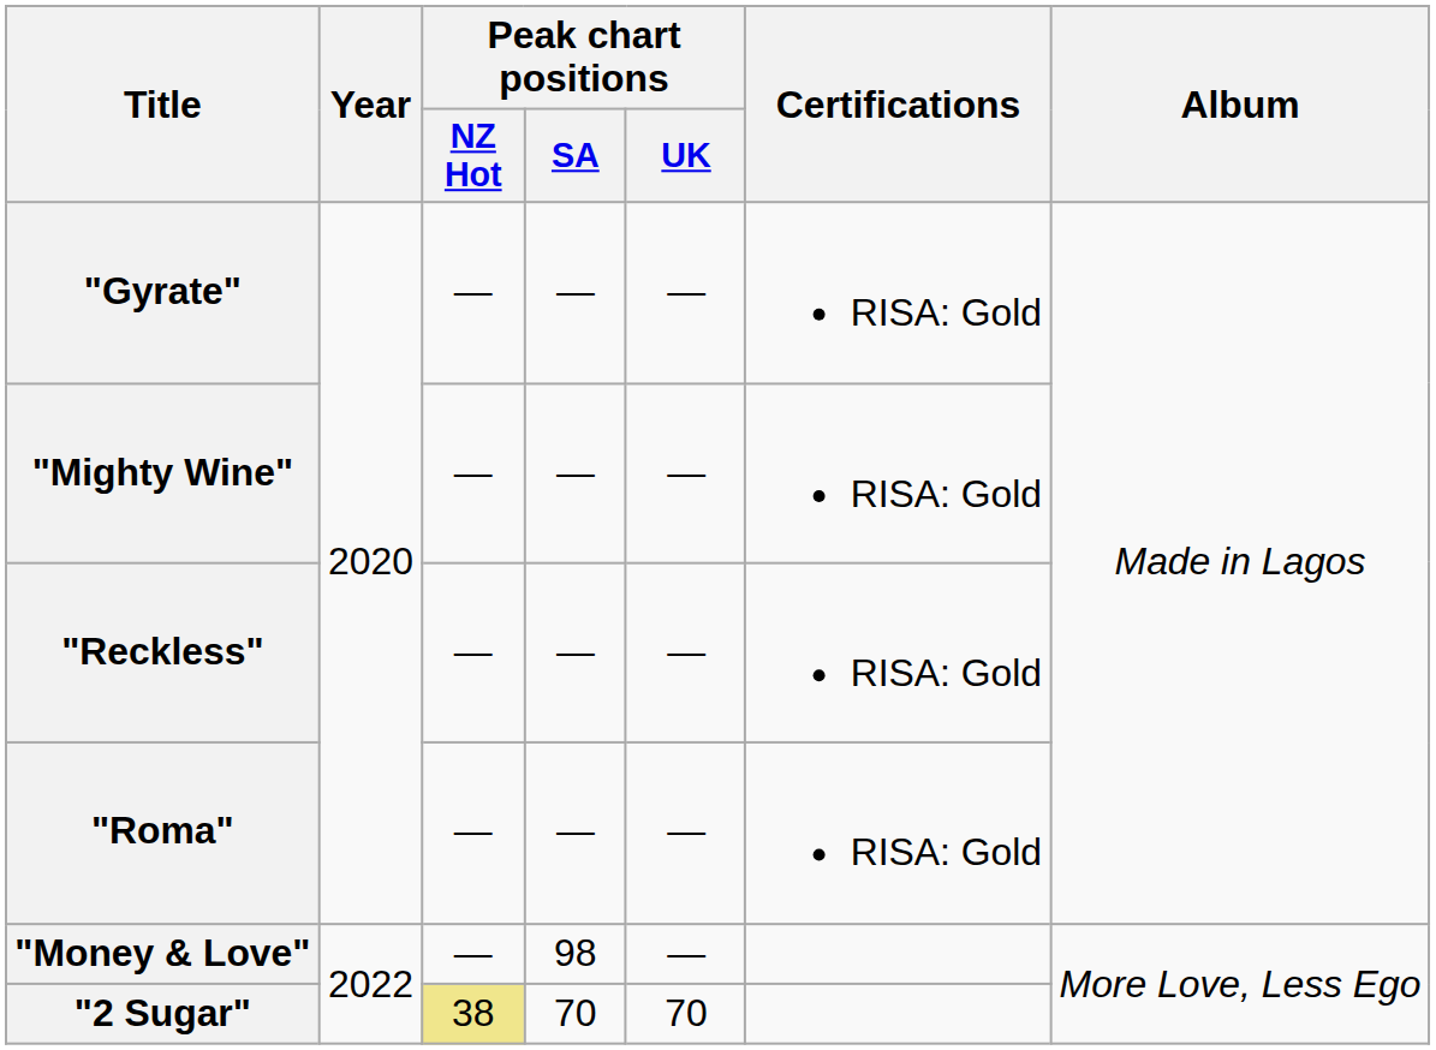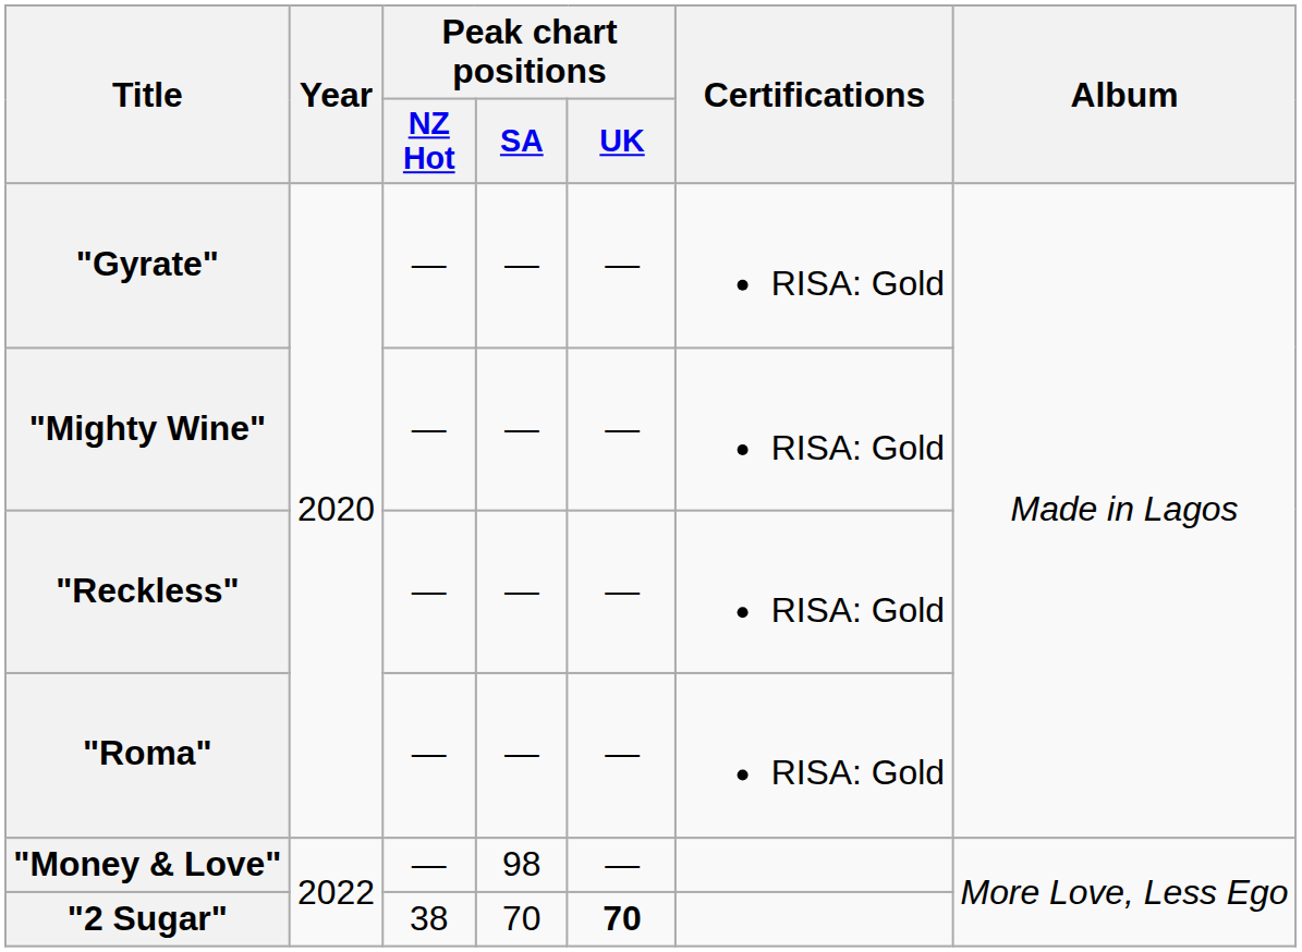 <table class="wikitable plainrowheaders" style="text-align:center;">
 <tr>
 <th scope="col" rowspan="2">Title</th>
 <th scope="col" rowspan="2">Year</th>
 <th scope="col" colspan="3">Peak chart positions</th>
 <th rowspan="2">Certifications</th>
 <th rowspan="2" scope="col">Album</th>
 </tr>
 <tr>
 <th scope="col" style="width:2.5em;font-size:90%;"><a href='#'>NZ<br>Hot</a><br></th>
 <th scope="col" style="width:2.5em;font-size:90%;"><a href='#'>SA</a><br></th>
 <th scope="col" style="width:3em;font-size:90%;"><a href='#'>UK</a><br></th>
 </tr>
 <tr>
 <th scope="row">"Gyrate"<br></th>
 <td rowspan="4">2020</td>
 <td>—</td>
 <td>—</td>
 <td>—</td>
 <td><br><ul><li>RISA: Gold</li></ul></td>
 <td rowspan="4"><em>Made in Lagos</em></td>
 </tr>
 <tr>
 <th scope="row">"Mighty Wine"<br></th>
 <td>—</td>
 <td>—</td>
 <td>—</td>
 <td><br><ul><li>RISA: Gold</li></ul></td>
 </tr>
 <tr>
 <th scope="row">"Reckless"<br></th>
 <td>—</td>
 <td>—</td>
 <td>—</td>
 <td><br><ul><li>RISA: Gold</li></ul></td>
 </tr>
 <tr>
 <th scope="row">"Roma"<br></th>
 <td>—</td>
 <td>—</td>
 <td>—</td>
 <td><br><ul><li>RISA: Gold</li></ul></td>
 </tr>
 <tr>
 <th scope="row">"Money & Love"</th>
 <td rowspan="2">2022</td>
 <td>—</td>
 <td>98</td>
 <td>—</td>
 <td></td>
 <td rowspan="2"><em>More Love, Less Ego</em></td>
 </tr>
 <tr>
 <th scope="row">"2 Sugar"<br></th>
-<td style="background: khaki;">38</td>
+<td>38</td>
 <td>70</td>
-<td>70</td>
+<td><strong>70</strong></td>
 <td></td>
 </tr>
 </table>
